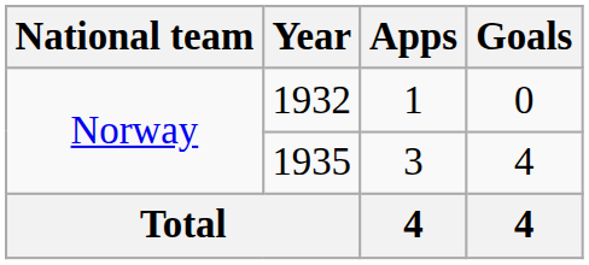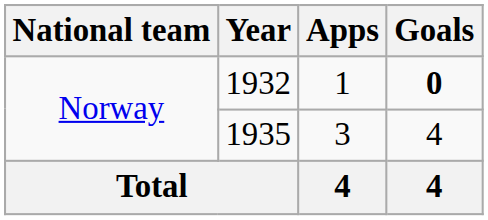 <table class=wikitable style=text-align:center>
 <tr>
 <th>National team</th>
 <th>Year</th>
 <th>Apps</th>
 <th>Goals</th>
 </tr>
 <tr>
 <td rowspan="2"><a href='#'>Norway</a></td>
 <td>1932</td>
 <td>1</td>
-<td>0</td>
+<td><strong>0</strong></td>
 </tr>
 <tr>
 <td>1935</td>
 <td>3</td>
 <td>4</td>
 </tr>
 <tr>
 <th colspan="2">Total</th>
 <th>4</th>
 <th>4</th>
 </tr>
 </table>
